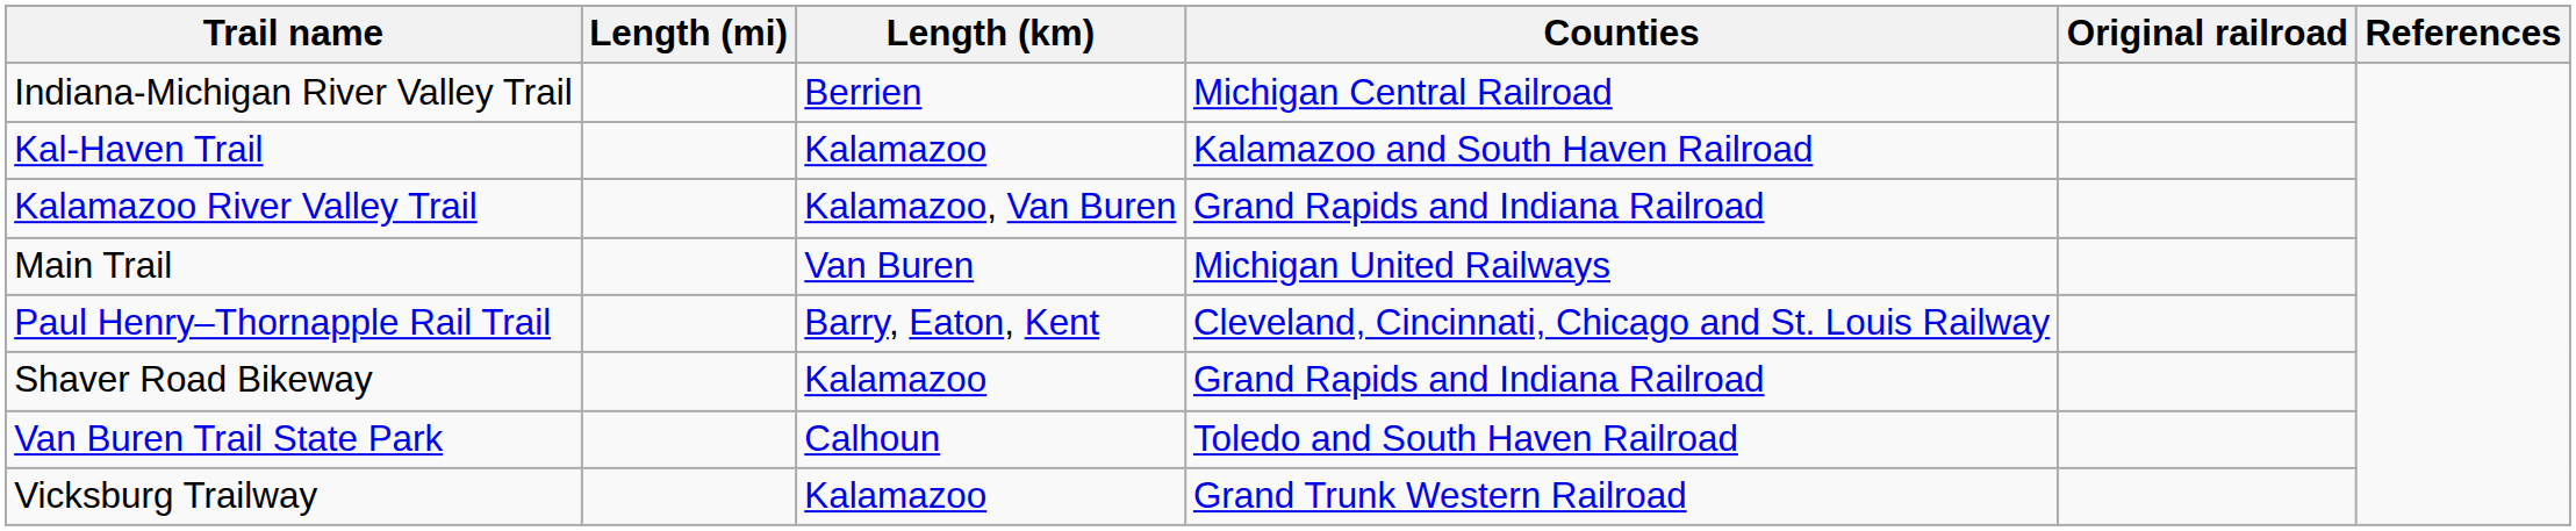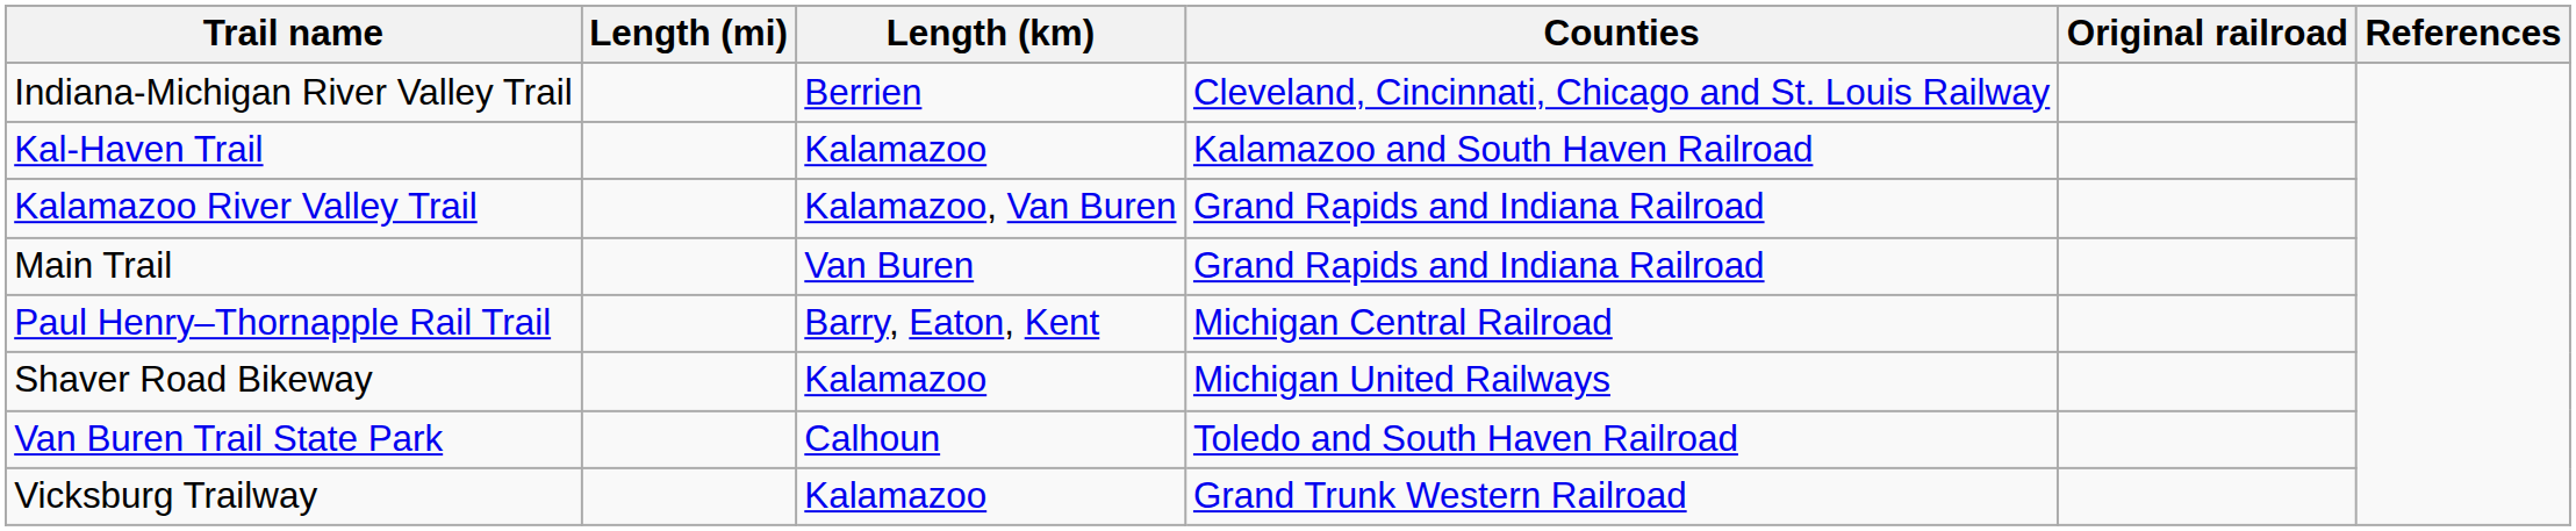 <table class="wikitable sortable">
 <tr>
 <th scope="col">Trail name</th>
 <th scope="col">Length (mi)</th>
 <th scope="col">Length (km)</th>
 <th scope="col" class = "unsortable">Counties</th>
 <th scope="col">Original railroad</th>
 <th scope="col" class = "unsortable">References</th>
 </tr>
 <tr>
 <td>Indiana-Michigan River Valley Trail</td>
 <td></td>
 <td><a href='#'>Berrien</a></td>
-<td><a href='#'>Michigan Central Railroad</a></td>
+<td><a href='#'>Cleveland, Cincinnati, Chicago and St. Louis Railway</a></td>
 <td></td>
 </tr>
 <tr>
 <td><a href='#'>Kal-Haven Trail</a></td>
 <td></td>
 <td><a href='#'>Kalamazoo</a></td>
 <td><a href='#'>Kalamazoo and South Haven Railroad</a></td>
 <td></td>
 </tr>
 <tr>
 <td><a href='#'>Kalamazoo River Valley Trail</a></td>
 <td></td>
 <td><a href='#'>Kalamazoo</a>, <a href='#'>Van Buren</a></td>
 <td><a href='#'>Grand Rapids and Indiana Railroad</a></td>
 <td></td>
 </tr>
 <tr>
 <td>Main Trail</td>
 <td></td>
 <td><a href='#'>Van Buren</a></td>
-<td><a href='#'>Michigan United Railways</a></td>
+<td><a href='#'>Grand Rapids and Indiana Railroad</a></td>
 <td></td>
 </tr>
 <tr>
 <td><a href='#'>Paul Henry–Thornapple Rail Trail</a></td>
 <td></td>
 <td><a href='#'>Barry</a>, <a href='#'>Eaton</a>, <a href='#'>Kent</a></td>
-<td><a href='#'>Cleveland, Cincinnati, Chicago and St. Louis Railway</a></td>
+<td><a href='#'>Michigan Central Railroad</a></td>
 <td></td>
 </tr>
 <tr>
 <td>Shaver Road Bikeway</td>
 <td></td>
 <td><a href='#'>Kalamazoo</a></td>
-<td><a href='#'>Grand Rapids and Indiana Railroad</a></td>
+<td><a href='#'>Michigan United Railways</a></td>
 <td></td>
 </tr>
 <tr>
 <td><a href='#'>Van Buren Trail State Park</a></td>
 <td></td>
 <td><a href='#'>Calhoun</a></td>
 <td><a href='#'>Toledo and South Haven Railroad</a></td>
 <td></td>
 </tr>
 <tr>
 <td>Vicksburg Trailway</td>
 <td></td>
 <td><a href='#'>Kalamazoo</a></td>
 <td><a href='#'>Grand Trunk Western Railroad</a></td>
 <td></td>
 </tr>
 </table>
